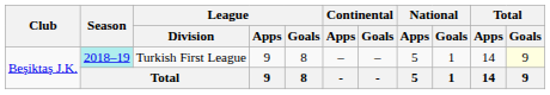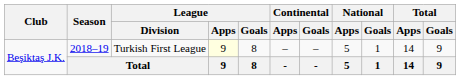 <table class="wikitable" style="text-align: center;">
 <tr>
 <th rowspan=2>Club</th>
 <th rowspan=2>Season</th>
 <th colspan=3>League</th>
 <th colspan=2>Continental</th>
 <th colspan=2>National</th>
 <th colspan=2>Total</th>
 </tr>
 <tr>
 <th>Division</th>
 <th>Apps</th>
 <th>Goals</th>
 <th>Apps</th>
 <th>Goals</th>
 <th>Apps</th>
 <th>Goals</th>
 <th>Apps</th>
 <th>Goals</th>
 </tr>
 <tr>
 <td rowspan=2><a href='#'>Beşiktaş J.K.</a></td>
-<td style="background: paleturquoise;"><a href='#'>2018–19</a></td>
+<td><a href='#'>2018–19</a></td>
 <td>Turkish First League</td>
-<td>9</td>
+<td style="background: lightyellow;">9</td>
 <td>8</td>
 <td>–</td>
 <td>–</td>
 <td>5</td>
 <td>1</td>
 <td>14</td>
-<td style="background: lightyellow;">9</td>
+<td>9</td>
 </tr>
 <tr>
 <th colspan=2>Total</th>
 <th>9</th>
 <th>8</th>
 <th>-</th>
 <th>-</th>
 <th>5</th>
 <th>1</th>
 <th>14</th>
 <th>9</th>
 </tr>
 </table>
